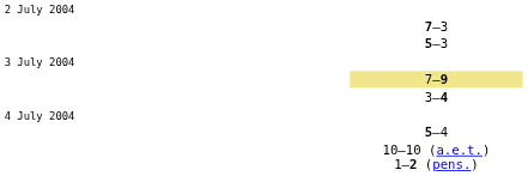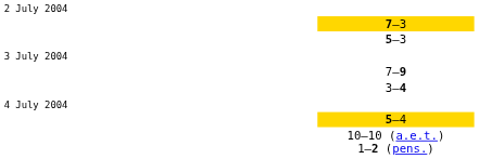 <table width=100% cellspacing=1>
 <tr>
 <th width=40%></th>
 <th width=20%></th>
 <th></th>
 </tr>
 <tr>
 <td><small>2 July 2004</small></td>
 </tr>
 <tr>
 <td align=right><strong></strong></td>
-<td align=center><strong>7</strong>–3</td>
+<td align=center style="background: gold;"><strong>7</strong>–3</td>
 <td></td>
 </tr>
 <tr>
 <td align=right><strong></strong></td>
 <td align=center><strong>5</strong>–3</td>
 <td></td>
 </tr>
 <tr>
 <td><small>3 July 2004</small></td>
 </tr>
 <tr>
 <td align=right></td>
-<td align=center style="background: khaki;">7–<strong>9</strong></td>
+<td align=center>7–<strong>9</strong></td>
 <td><strong></strong></td>
 </tr>
 <tr>
 <td align=right></td>
 <td align=center>3–<strong>4</strong></td>
 <td><strong></strong></td>
 </tr>
 <tr>
 <td><small>4 July 2004</small></td>
 </tr>
 <tr>
 <td align=right><strong></strong></td>
-<td align=center><strong>5</strong>–4</td>
+<td align=center style="background: gold;"><strong>5</strong>–4</td>
 <td></td>
 </tr>
 <tr>
 <td align=right></td>
 <td align=center>10–10 (<a href='#'>a.e.t.</a>)<br>1–<strong>2</strong> (<a href='#'>pens.</a>)</td>
 <td><strong></strong></td>
 </tr>
 </table>
